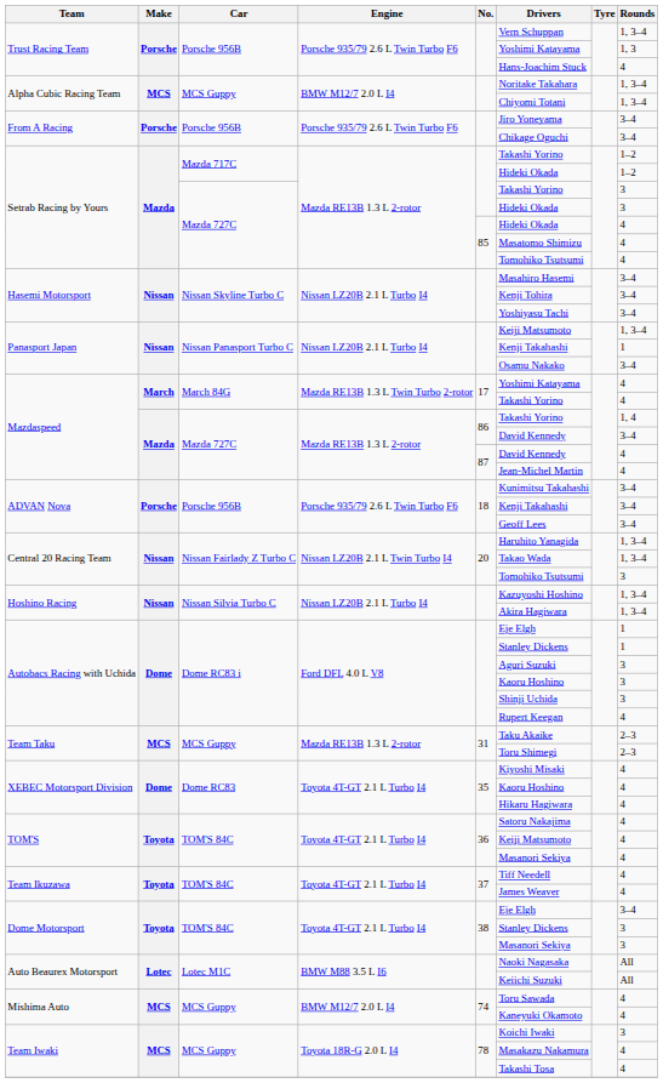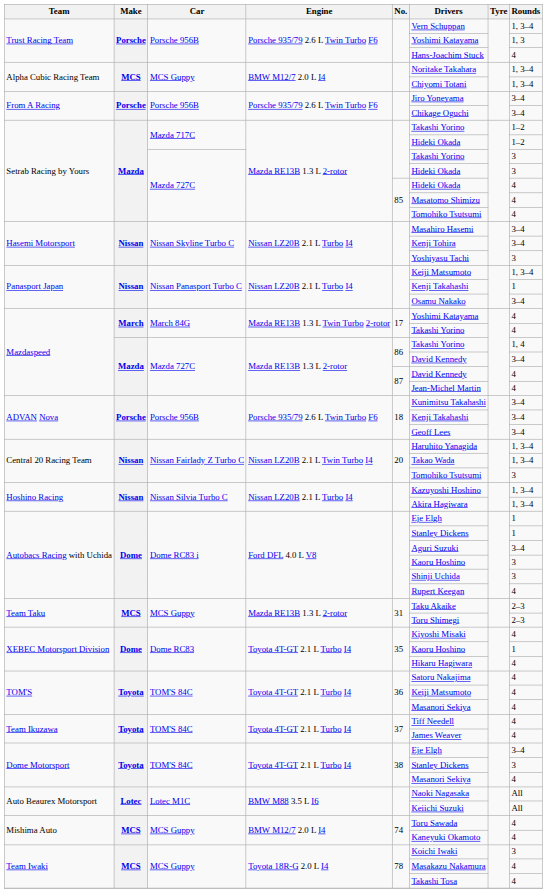 <table class="wikitable" style="font-size: 90%;">
 <tr>
 <th>Team</th>
 <th>Make</th>
 <th>Car</th>
 <th>Engine</th>
 <th>No.</th>
 <th>Drivers</th>
 <th>Tyre</th>
 <th>Rounds</th>
 </tr>
 <tr>
 <td rowspan=3><a href='#'>Trust Racing Team</a></td>
 <th rowspan=3><a href='#'>Porsche</a></th>
 <td rowspan=3><a href='#'>Porsche 956B</a></td>
 <td rowspan=3><a href='#'>Porsche 935/79</a> 2.6 L <a href='#'>Twin Turbo</a> <a href='#'>F6</a></td>
 <td rowspan=3></td>
 <td> <a href='#'>Vern Schuppan</a></td>
 <td align=center rowspan=3></td>
 <td>1, 3–4</td>
 </tr>
 <tr>
 <td> <a href='#'>Yoshimi Katayama</a></td>
 <td>1, 3</td>
 </tr>
 <tr>
 <td> <a href='#'>Hans-Joachim Stuck</a></td>
 <td>4</td>
 </tr>
 <tr>
 <td rowspan=2>Alpha Cubic Racing Team</td>
 <th rowspan=2><a href='#'>MCS</a></th>
 <td rowspan=2><a href='#'>MCS Guppy</a></td>
 <td rowspan=2><a href='#'>BMW M12/7</a> 2.0 L <a href='#'>I4</a></td>
 <td rowspan=2></td>
 <td> <a href='#'>Noritake Takahara</a></td>
 <td align=center rowspan=2></td>
 <td>1, 3–4</td>
 </tr>
 <tr>
 <td> <a href='#'>Chiyomi Totani</a></td>
 <td>1, 3–4</td>
 </tr>
 <tr>
 <td rowspan=2><a href='#'>From A Racing</a></td>
 <th rowspan=2><a href='#'>Porsche</a></th>
 <td rowspan=2><a href='#'>Porsche 956B</a></td>
 <td rowspan=2><a href='#'>Porsche 935/79</a> 2.6 L <a href='#'>Twin Turbo</a> <a href='#'>F6</a></td>
 <td rowspan=2></td>
 <td> <a href='#'>Jiro Yoneyama</a></td>
 <td align=center rowspan=2></td>
 <td>3–4</td>
 </tr>
 <tr>
 <td> <a href='#'>Chikage Oguchi</a></td>
 <td>3–4</td>
 </tr>
 <tr>
 <td rowspan=7>Setrab Racing by Yours</td>
 <th rowspan=7><a href='#'>Mazda</a></th>
 <td rowspan=2><a href='#'>Mazda 717C</a></td>
 <td rowspan=7><a href='#'>Mazda RE13B</a> 1.3 L <a href='#'>2-rotor</a></td>
 <td rowspan=4></td>
 <td> <a href='#'>Takashi Yorino</a></td>
 <td align=center rowspan=7></td>
 <td>1–2</td>
 </tr>
 <tr>
 <td> <a href='#'>Hideki Okada</a></td>
 <td>1–2</td>
 </tr>
 <tr>
 <td rowspan=5><a href='#'>Mazda 727C</a></td>
 <td> <a href='#'>Takashi Yorino</a></td>
 <td>3</td>
 </tr>
 <tr>
 <td> <a href='#'>Hideki Okada</a></td>
 <td>3</td>
 </tr>
 <tr>
 <td rowspan=3>85</td>
 <td> <a href='#'>Hideki Okada</a></td>
 <td>4</td>
 </tr>
 <tr>
 <td> <a href='#'>Masatomo Shimizu</a></td>
 <td>4</td>
 </tr>
 <tr>
 <td> <a href='#'>Tomohiko Tsutsumi</a></td>
 <td>4</td>
 </tr>
 <tr>
 <td rowspan=3><a href='#'>Hasemi Motorsport</a></td>
 <th rowspan=3><a href='#'>Nissan</a></th>
 <td rowspan=3><a href='#'>Nissan Skyline Turbo C</a></td>
 <td rowspan=3><a href='#'>Nissan LZ20B</a> 2.1 L <a href='#'>Turbo</a> <a href='#'>I4</a></td>
 <td rowspan=3></td>
 <td> <a href='#'>Masahiro Hasemi</a></td>
 <td align=center rowspan=3></td>
 <td>3–4</td>
 </tr>
 <tr>
 <td> <a href='#'>Kenji Tohira</a></td>
 <td>3–4</td>
 </tr>
 <tr>
 <td> <a href='#'>Yoshiyasu Tachi</a></td>
-<td>3–4</td>
+<td>3</td>
 </tr>
 <tr>
 <td rowspan=3><a href='#'>Panasport Japan</a></td>
 <th rowspan=3><a href='#'>Nissan</a></th>
 <td rowspan=3><a href='#'>Nissan Panasport Turbo C</a></td>
 <td rowspan=3><a href='#'>Nissan LZ20B</a> 2.1 L <a href='#'>Turbo</a> <a href='#'>I4</a></td>
 <td rowspan=3></td>
 <td> <a href='#'>Keiji Matsumoto</a></td>
 <td align=center rowspan=3></td>
 <td>1, 3–4</td>
 </tr>
 <tr>
 <td> <a href='#'>Kenji Takahashi</a></td>
 <td>1</td>
 </tr>
 <tr>
 <td> <a href='#'>Osamu Nakako</a></td>
 <td>3–4</td>
 </tr>
 <tr>
 <td rowspan=6><a href='#'>Mazdaspeed</a></td>
 <th rowspan=2><a href='#'>March</a></th>
 <td rowspan=2><a href='#'>March 84G</a></td>
 <td rowspan=2><a href='#'>Mazda RE13B</a> 1.3 L <a href='#'>Twin Turbo</a> <a href='#'>2-rotor</a></td>
 <td rowspan=2>17</td>
 <td> <a href='#'>Yoshimi Katayama</a></td>
 <td align=center rowspan=6></td>
 <td>4</td>
 </tr>
 <tr>
 <td> <a href='#'>Takashi Yorino</a></td>
 <td>4</td>
 </tr>
 <tr>
 <th rowspan=4><a href='#'>Mazda</a></th>
 <td rowspan=4><a href='#'>Mazda 727C</a></td>
 <td rowspan=4><a href='#'>Mazda RE13B</a> 1.3 L <a href='#'>2-rotor</a></td>
 <td rowspan=2>86</td>
 <td> <a href='#'>Takashi Yorino</a></td>
 <td>1, 4</td>
 </tr>
 <tr>
 <td> <a href='#'>David Kennedy</a></td>
 <td>3–4</td>
 </tr>
 <tr>
 <td rowspan=2>87</td>
 <td> <a href='#'>David Kennedy</a></td>
 <td>4</td>
 </tr>
 <tr>
 <td> <a href='#'>Jean-Michel Martin</a></td>
 <td>4</td>
 </tr>
 <tr>
 <td rowspan=3><a href='#'>ADVAN</a> <a href='#'>Nova</a></td>
 <th rowspan=3><a href='#'>Porsche</a></th>
 <td rowspan=3><a href='#'>Porsche 956B</a></td>
 <td rowspan=3><a href='#'>Porsche 935/79</a> 2.6 L <a href='#'>Twin Turbo</a> <a href='#'>F6</a></td>
 <td rowspan=3>18</td>
 <td> <a href='#'>Kunimitsu Takahashi</a></td>
 <td align=center rowspan=3></td>
 <td>3–4</td>
 </tr>
 <tr>
 <td> <a href='#'>Kenji Takahashi</a></td>
 <td>3–4</td>
 </tr>
 <tr>
 <td> <a href='#'>Geoff Lees</a></td>
 <td>3–4</td>
 </tr>
 <tr>
 <td rowspan=3>Central 20 Racing Team</td>
 <th rowspan=3><a href='#'>Nissan</a></th>
 <td rowspan=3><a href='#'>Nissan Fairlady Z Turbo C</a></td>
 <td rowspan=3><a href='#'>Nissan LZ20B</a> 2.1 L <a href='#'>Twin Turbo</a> <a href='#'>I4</a></td>
 <td rowspan=3>20</td>
 <td> <a href='#'>Haruhito Yanagida</a></td>
 <td align=center rowspan=3></td>
 <td>1, 3–4</td>
 </tr>
 <tr>
 <td> <a href='#'>Takao Wada</a></td>
 <td>1, 3–4</td>
 </tr>
 <tr>
 <td> <a href='#'>Tomohiko Tsutsumi</a></td>
 <td>3</td>
 </tr>
 <tr>
 <td rowspan=2><a href='#'>Hoshino Racing</a></td>
 <th rowspan=2><a href='#'>Nissan</a></th>
 <td rowspan=2><a href='#'>Nissan Silvia Turbo C</a></td>
 <td rowspan=2><a href='#'>Nissan LZ20B</a> 2.1 L <a href='#'>Turbo</a> <a href='#'>I4</a></td>
 <td rowspan=2></td>
 <td> <a href='#'>Kazuyoshi Hoshino</a></td>
 <td align=center rowspan=2></td>
 <td>1, 3–4</td>
 </tr>
 <tr>
 <td> <a href='#'>Akira Hagiwara</a></td>
 <td>1, 3–4</td>
 </tr>
 <tr>
 <td rowspan=6><a href='#'>Autobacs Racing</a> with Uchida</td>
 <th rowspan=6><a href='#'>Dome</a></th>
 <td rowspan=6><a href='#'>Dome RC83 i</a></td>
 <td rowspan=6><a href='#'>Ford DFL</a> 4.0 L <a href='#'>V8</a></td>
 <td rowspan=6></td>
 <td> <a href='#'>Eje Elgh</a></td>
 <td align=center rowspan=6></td>
 <td>1</td>
 </tr>
 <tr>
 <td> <a href='#'>Stanley Dickens</a></td>
 <td>1</td>
 </tr>
 <tr>
 <td> <a href='#'>Aguri Suzuki</a></td>
-<td>3</td>
+<td>3–4</td>
 </tr>
 <tr>
 <td> <a href='#'>Kaoru Hoshino</a></td>
 <td>3</td>
 </tr>
 <tr>
 <td> <a href='#'>Shinji Uchida</a></td>
 <td>3</td>
 </tr>
 <tr>
 <td> <a href='#'>Rupert Keegan</a></td>
 <td>4</td>
 </tr>
 <tr>
 <td rowspan=2><a href='#'>Team Taku</a></td>
 <th rowspan=2><a href='#'>MCS</a></th>
 <td rowspan=2><a href='#'>MCS Guppy</a></td>
 <td rowspan=2><a href='#'>Mazda RE13B</a> 1.3 L <a href='#'>2-rotor</a></td>
 <td rowspan=2>31</td>
 <td> <a href='#'>Taku Akaike</a></td>
 <td align=center rowspan=2></td>
 <td>2–3</td>
 </tr>
 <tr>
 <td> <a href='#'>Toru Shimegi</a></td>
 <td>2–3</td>
 </tr>
 <tr>
 <td rowspan=3><a href='#'>XEBEC Motorsport Division</a></td>
 <th rowspan=3><a href='#'>Dome</a></th>
 <td rowspan=3><a href='#'>Dome RC83</a></td>
 <td rowspan=3><a href='#'>Toyota 4T-GT</a> 2.1 L <a href='#'>Turbo</a> <a href='#'>I4</a></td>
 <td rowspan=3>35</td>
 <td> <a href='#'>Kiyoshi Misaki</a></td>
 <td align=center rowspan=3></td>
 <td>4</td>
 </tr>
 <tr>
 <td> <a href='#'>Kaoru Hoshino</a></td>
-<td>4</td>
+<td>1</td>
 </tr>
 <tr>
 <td> <a href='#'>Hikaru Hagiwara</a></td>
 <td>4</td>
 </tr>
 <tr>
 <td rowspan=3><a href='#'>TOM'S</a></td>
 <th rowspan=3><a href='#'>Toyota</a></th>
 <td rowspan=3><a href='#'>TOM'S 84C</a></td>
 <td rowspan=3><a href='#'>Toyota 4T-GT</a> 2.1 L <a href='#'>Turbo</a> <a href='#'>I4</a></td>
 <td rowspan=3>36</td>
 <td> <a href='#'>Satoru Nakajima</a></td>
 <td align=center rowspan=3></td>
 <td>4</td>
 </tr>
 <tr>
 <td> <a href='#'>Keiji Matsumoto</a></td>
 <td>4</td>
 </tr>
 <tr>
 <td> <a href='#'>Masanori Sekiya</a></td>
 <td>4</td>
 </tr>
 <tr>
 <td rowspan=2><a href='#'>Team Ikuzawa</a></td>
 <th rowspan=2><a href='#'>Toyota</a></th>
 <td rowspan=2><a href='#'>TOM'S 84C</a></td>
 <td rowspan=2><a href='#'>Toyota 4T-GT</a> 2.1 L <a href='#'>Turbo</a> <a href='#'>I4</a></td>
 <td rowspan=2>37</td>
 <td> <a href='#'>Tiff Needell</a></td>
 <td align=center rowspan=2></td>
 <td>4</td>
 </tr>
 <tr>
 <td> <a href='#'>James Weaver</a></td>
 <td>4</td>
 </tr>
 <tr>
 <td rowspan=3><a href='#'>Dome Motorsport</a></td>
 <th rowspan=3><a href='#'>Toyota</a></th>
 <td rowspan=3><a href='#'>TOM'S 84C</a></td>
 <td rowspan=3><a href='#'>Toyota 4T-GT</a> 2.1 L <a href='#'>Turbo</a> <a href='#'>I4</a></td>
 <td rowspan=3>38</td>
 <td> <a href='#'>Eje Elgh</a></td>
 <td align=center rowspan=3></td>
 <td>3–4</td>
 </tr>
 <tr>
 <td> <a href='#'>Stanley Dickens</a></td>
 <td>3</td>
 </tr>
 <tr>
 <td> <a href='#'>Masanori Sekiya</a></td>
-<td>3</td>
+<td>4</td>
 </tr>
 <tr>
 <td rowspan=2>Auto Beaurex Motorsport</td>
 <th rowspan=2><a href='#'>Lotec</a></th>
 <td rowspan=2><a href='#'>Lotec M1C</a></td>
 <td rowspan=2><a href='#'>BMW M88</a> 3.5 L <a href='#'>I6</a></td>
 <td rowspan=2></td>
 <td> <a href='#'>Naoki Nagasaka</a></td>
 <td align=center rowspan=2></td>
 <td>All</td>
 </tr>
 <tr>
 <td> <a href='#'>Keiichi Suzuki</a></td>
 <td>All</td>
 </tr>
 <tr>
 <td rowspan=2>Mishima Auto</td>
 <th rowspan=2><a href='#'>MCS</a></th>
 <td rowspan=2><a href='#'>MCS Guppy</a></td>
 <td rowspan=2><a href='#'>BMW M12/7</a> 2.0 L <a href='#'>I4</a></td>
 <td rowspan=2>74</td>
 <td> <a href='#'>Toru Sawada</a></td>
 <td align=center rowspan=2></td>
 <td>4</td>
 </tr>
 <tr>
 <td> <a href='#'>Kaneyuki Okamoto</a></td>
 <td>4</td>
 </tr>
 <tr>
 <td rowspan=3><a href='#'>Team Iwaki</a></td>
 <th rowspan=3><a href='#'>MCS</a></th>
 <td rowspan=3><a href='#'>MCS Guppy</a></td>
 <td rowspan=3><a href='#'>Toyota 18R-G</a> 2.0 L <a href='#'>I4</a></td>
 <td rowspan=3>78</td>
 <td> <a href='#'>Koichi Iwaki</a></td>
 <td align=center rowspan=3></td>
 <td>3</td>
 </tr>
 <tr>
 <td> <a href='#'>Masakazu Nakamura</a></td>
 <td>4</td>
 </tr>
 <tr>
 <td> <a href='#'>Takashi Tosa</a></td>
 <td>4</td>
 </tr>
 <tr>
 </tr>
 </table>
